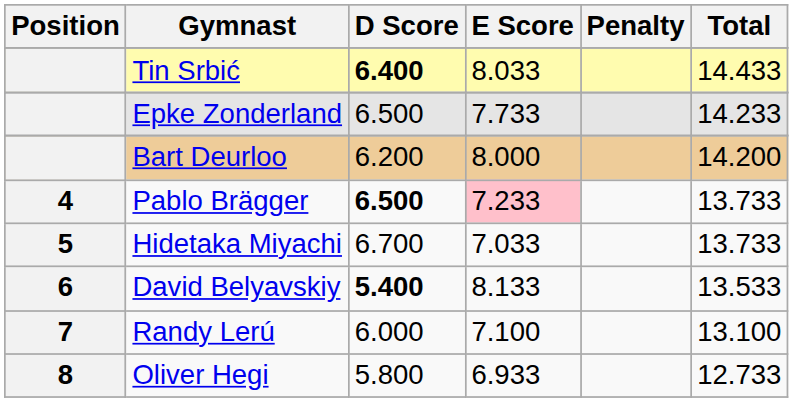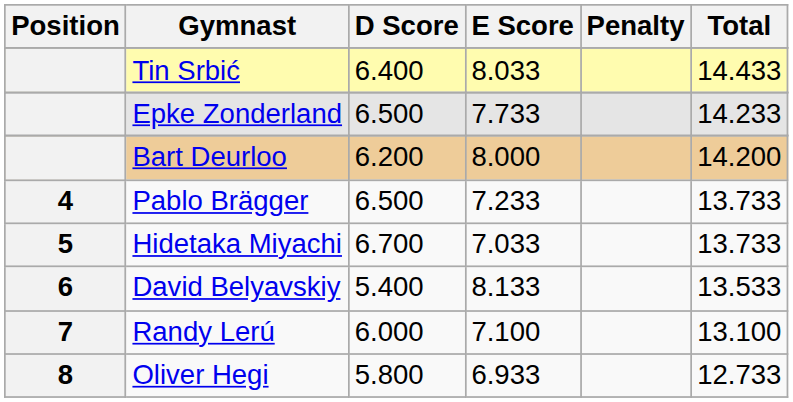 <table class="wikitable sortable">
 <tr>
 <th>Position</th>
 <th>Gymnast</th>
 <th>D Score</th>
 <th>E Score</th>
 <th>Penalty</th>
 <th>Total</th>
 </tr>
 <tr>
 </tr>
 <tr style="background:#fffcaf;">
 <th scope="row" style="text-align:center"></th>
 <td> <a href='#'>Tin Srbić</a></td>
-<td><strong>6.400</strong></td>
+<td>6.400</td>
 <td>8.033</td>
 <td></td>
 <td>14.433</td>
 </tr>
 <tr>
 </tr>
 <tr style="background:#e5e5e5;">
 <th scope="row" style="text-align:center"></th>
 <td> <a href='#'>Epke Zonderland</a></td>
 <td>6.500</td>
 <td>7.733</td>
 <td></td>
 <td>14.233</td>
 </tr>
 <tr>
 </tr>
 <tr style="background:#ec9;">
 <th scope="row" style="text-align:center"></th>
 <td> <a href='#'>Bart Deurloo</a></td>
 <td>6.200</td>
 <td>8.000</td>
 <td></td>
 <td>14.200</td>
 </tr>
 <tr>
 <th>4</th>
 <td> <a href='#'>Pablo Brägger</a></td>
-<td><strong>6.500</strong></td>
-<td style="background: pink;">7.233</td>
+<td>6.500</td>
+<td>7.233</td>
 <td></td>
 <td>13.733</td>
 </tr>
 <tr>
 <th>5</th>
 <td> <a href='#'>Hidetaka Miyachi</a></td>
 <td>6.700</td>
 <td>7.033</td>
 <td></td>
 <td>13.733</td>
 </tr>
 <tr>
 <th>6</th>
 <td> <a href='#'>David Belyavskiy</a></td>
-<td><strong>5.400</strong></td>
+<td>5.400</td>
 <td>8.133</td>
 <td></td>
 <td>13.533</td>
 </tr>
 <tr>
 <th>7</th>
 <td> <a href='#'>Randy Lerú</a></td>
 <td>6.000</td>
 <td>7.100</td>
 <td></td>
 <td>13.100</td>
 </tr>
 <tr>
 <th>8</th>
 <td> <a href='#'>Oliver Hegi</a></td>
 <td>5.800</td>
 <td>6.933</td>
 <td></td>
 <td>12.733</td>
 </tr>
 </table>
